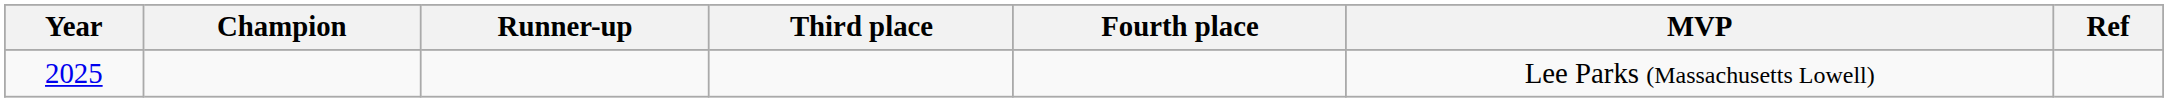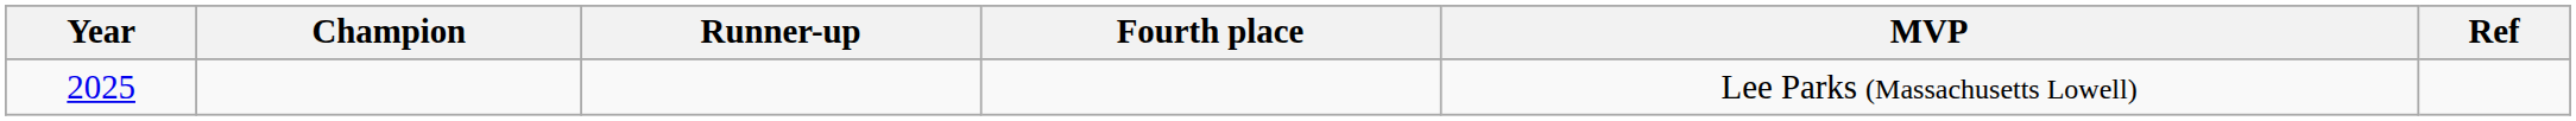 <table class="wikitable sortable" width=1200>
 <tr>
 <th>Year</th>
 <th>Champion</th>
 <th>Runner-up</th>
-<th>Third place</th>
 <th>Fourth place</th>
 <th>MVP</th>
 <th class="unsortable">Ref</th>
 </tr>
 <tr align=center>
 <td><a href='#'>2025</a></td>
 <td><strong><a href='#'></a></strong></td>
 <td><strong><a href='#'></a></strong></td>
 <td><strong><a href='#'></a></strong></td>
-<td><strong><a href='#'></a></strong></td>
 <td>Lee Parks <small>(Massachusetts Lowell)</small></td>
 <td></td>
 </tr>
 </table>
